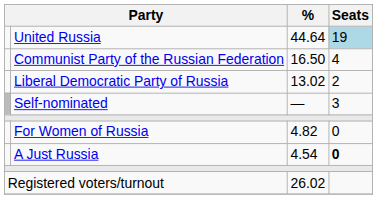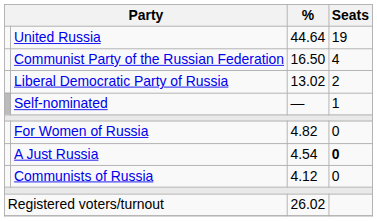 <table class="wikitable">
 <tr>
 <th colspan=2>Party</th>
 <th>%</th>
 <th>Seats</th>
 </tr>
 <tr>
 <td style="background:"></td>
 <td><a href='#'>United Russia</a></td>
 <td>44.64</td>
-<td style="background: lightblue;">19</td>
+<td>19</td>
 </tr>
 <tr>
 <td style="background:"></td>
 <td><a href='#'>Communist Party of the Russian Federation</a></td>
 <td>16.50</td>
 <td>4</td>
 </tr>
 <tr>
 <td style="background:"></td>
 <td><a href='#'>Liberal Democratic Party of Russia</a></td>
 <td>13.02</td>
 <td>2</td>
 </tr>
 <tr>
 <td style="background:#BBBBBB;"></td>
 <td><a href='#'>Self-nominated</a></td>
 <td>—</td>
-<td>3</td>
+<td>1</td>
 </tr>
 <tr>
 <td colspan=4 style="background:#E9E9E9;"></td>
 </tr>
 <tr>
 <td style="background:"></td>
 <td><a href='#'>For Women of Russia</a></td>
 <td>4.82</td>
 <td>0</td>
 </tr>
 <tr>
 <td style="background:"></td>
 <td><a href='#'>A Just Russia</a></td>
 <td>4.54</td>
 <td><strong>0</strong></td>
 </tr>
 <tr>
+<td style="background:"></td>
+<td><a href='#'>Communists of Russia</a></td>
+<td>4.12</td>
+<td>0</td>
+</tr>
+<tr>
 <td colspan=4 style="background:#E9E9E9;"></td>
 </tr>
 <tr>
 <td align=left colspan=2>Registered voters/turnout</td>
 <td>26.02</td>
 <td></td>
 </tr>
 <tr>
 </tr>
 </table>
